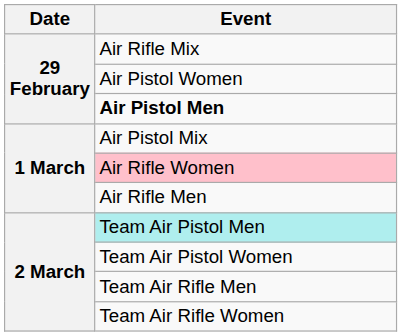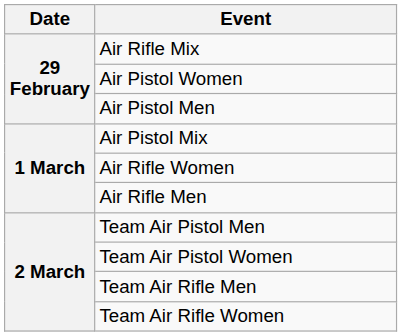 <table class=wikitable>
 <tr>
 <th width=70>Date</th>
 <th width=250>Event</th>
 </tr>
 <tr>
 <th rowspan=3 align=center>29 February</th>
 <td>Air Rifle Mix</td>
 </tr>
 <tr>
 <td>Air Pistol Women</td>
 </tr>
 <tr>
-<td><strong>Air Pistol Men</strong></td>
+<td>Air Pistol Men</td>
 </tr>
 <tr>
 <th rowspan=3 align=center>1 March</th>
 <td>Air Pistol Mix</td>
 </tr>
 <tr>
-<td style="background: pink;">Air Rifle Women</td>
+<td>Air Rifle Women</td>
 </tr>
 <tr>
 <td>Air Rifle Men</td>
 </tr>
 <tr>
 <th rowspan=4 align=center>2 March</th>
-<td style="background: paleturquoise;">Team Air Pistol Men</td>
+<td>Team Air Pistol Men</td>
 </tr>
 <tr>
 <td>Team Air Pistol Women</td>
 </tr>
 <tr>
 <td>Team Air Rifle Men</td>
 </tr>
 <tr>
 <td>Team Air Rifle Women</td>
 </tr>
 </table>
